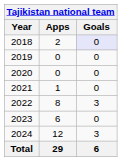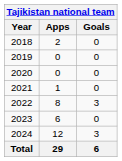 <table class="wikitable" style="text-align:center">
 <tr>
 <th colspan=3><a href='#'>Tajikistan national team</a></th>
 </tr>
 <tr>
 <th>Year</th>
 <th>Apps</th>
 <th>Goals</th>
 </tr>
 <tr>
 <td>2018</td>
 <td>2</td>
-<td style="background: lavender;">0</td>
+<td>0</td>
 </tr>
 <tr>
 <td>2019</td>
 <td>0</td>
 <td>0</td>
 </tr>
 <tr>
 <td>2020</td>
 <td>0</td>
 <td>0</td>
 </tr>
 <tr>
 <td>2021</td>
 <td>1</td>
 <td>0</td>
 </tr>
 <tr>
 <td>2022</td>
 <td>8</td>
 <td>3</td>
 </tr>
 <tr>
 <td>2023</td>
 <td>6</td>
 <td>0</td>
 </tr>
 <tr>
 <td>2024</td>
 <td>12</td>
 <td>3</td>
 </tr>
 <tr>
 <th>Total</th>
 <th>29</th>
 <th>6</th>
 </tr>
 </table>
